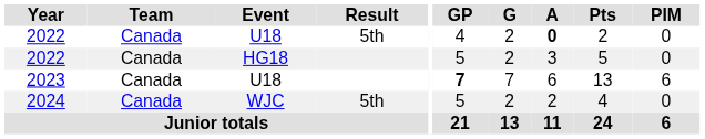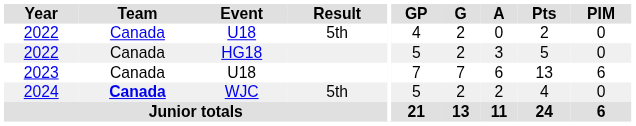 <table border="0" cellpadding="1" cellspacing="0" ID="Table3" style="text-align:center; width:40em;">
 <tr bgcolor="#e0e0e0">
 <th>Year</th>
 <th>Team</th>
 <th>Event</th>
 <th>Result</th>
 <th rowspan="99" bgcolor="#ffffff"></th>
 <th>GP</th>
 <th>G</th>
 <th>A</th>
 <th>Pts</th>
 <th>PIM</th>
 </tr>
 <tr>
 <td><a href='#'>2022</a></td>
 <td><a href='#'>Canada</a></td>
 <td><a href='#'>U18</a></td>
 <td>5th</td>
 <td>4</td>
 <td>2</td>
-<td><strong>0</strong></td>
+<td>0</td>
 <td>2</td>
 <td>0</td>
 </tr>
 <tr bgcolor="#f0f0f0">
 <td><a href='#'>2022</a></td>
 <td>Canada</td>
 <td><a href='#'>HG18</a></td>
 <td></td>
 <td>5</td>
 <td>2</td>
 <td>3</td>
 <td>5</td>
 <td>0</td>
 </tr>
 <tr>
 <td><a href='#'>2023</a></td>
 <td>Canada</td>
 <td>U18</td>
 <td></td>
-<td><strong>7</strong></td>
+<td>7</td>
 <td>7</td>
 <td>6</td>
 <td>13</td>
 <td>6</td>
 </tr>
 <tr bgcolor="#f0f0f0">
 <td><a href='#'>2024</a></td>
-<td><a href='#'>Canada</a></td>
+<td><strong><a href='#'>Canada</a></strong></td>
 <td><a href='#'>WJC</a></td>
 <td>5th</td>
 <td>5</td>
 <td>2</td>
 <td>2</td>
 <td>4</td>
 <td>0</td>
 </tr>
 <tr bgcolor="#e0e0e0">
 <th colspan="4">Junior totals</th>
 <th>21</th>
 <th>13</th>
 <th>11</th>
 <th>24</th>
 <th>6</th>
 </tr>
 </table>
